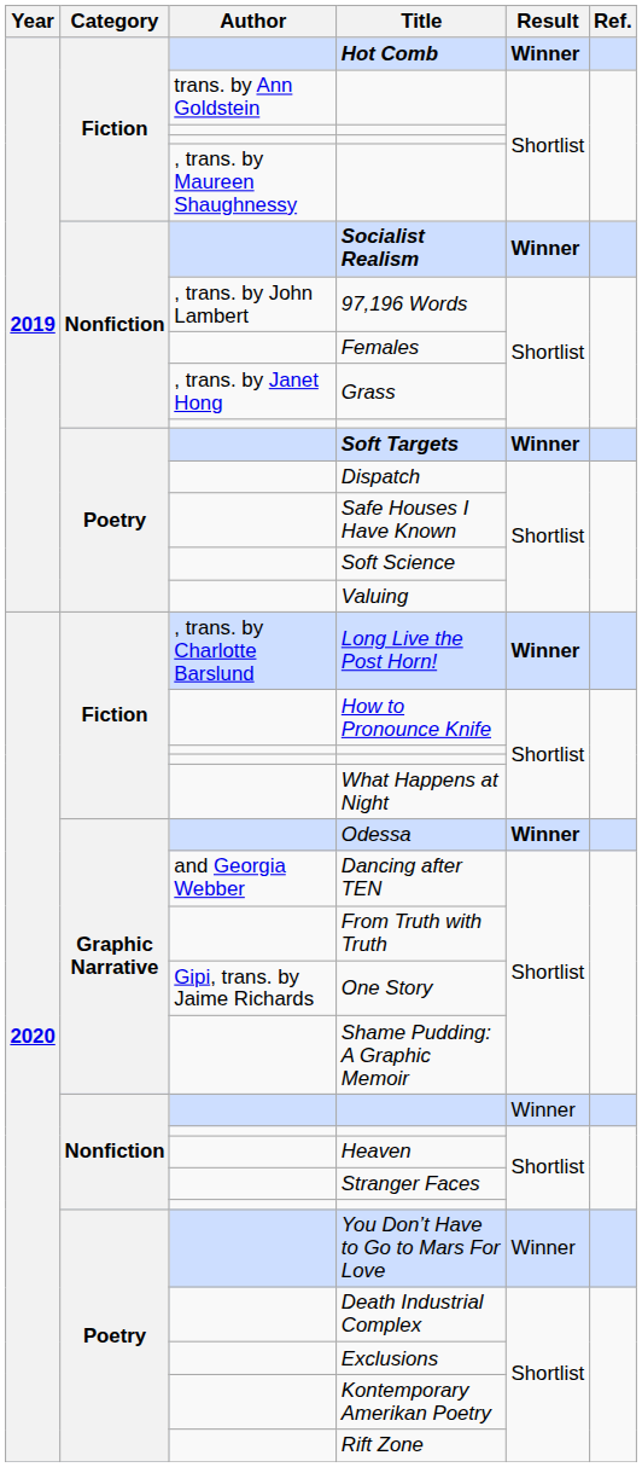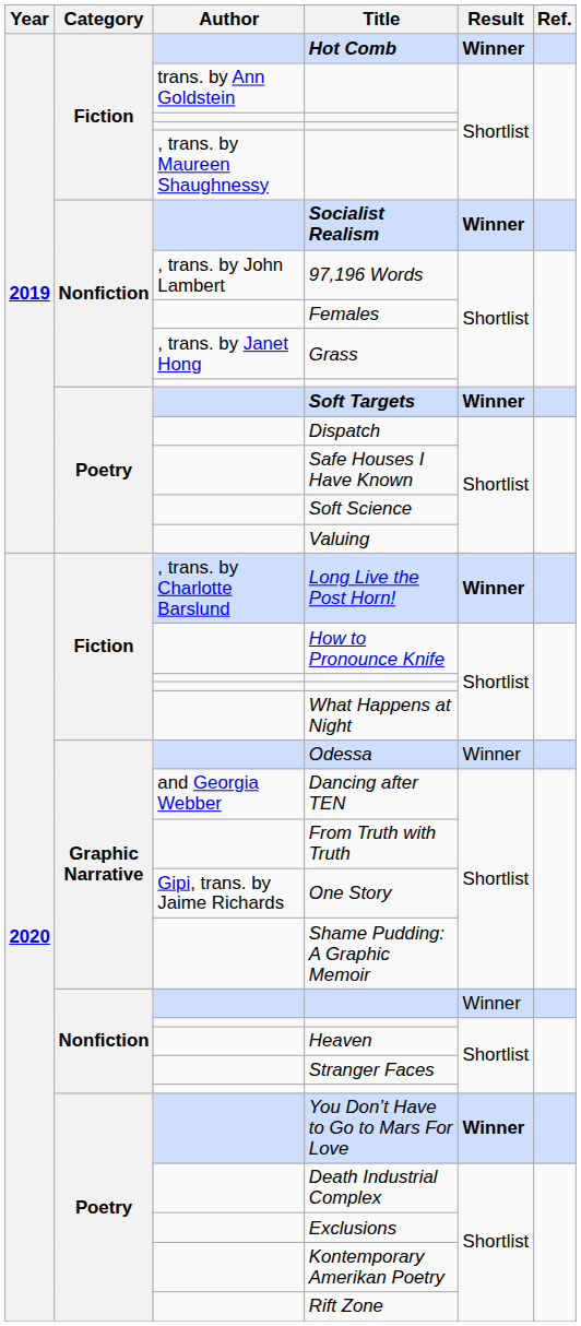 <table class="wikitable sortable mw-collapsible" width="80%">
 <tr>
 <th scope="col" width="5%">Year</th>
 <th scope="col" width="10%">Category</th>
 <th scope="col" width="35%">Author</th>
 <th scope="col" width="35%">Title</th>
 <th scope="col" width="10%">Result</th>
 <th scope="col" width="5%" class="unsortable">Ref.</th>
 </tr>
 <tr style="background:#cddeff">
 <th scope=row rowspan="15"><a href='#'>2019</a></th>
 <th scope=row rowspan="5">Fiction</th>
 <td><strong></strong></td>
 <td><strong><em>Hot Comb</em></strong></td>
 <td><strong>Winner</strong></td>
 <td></td>
 </tr>
 <tr>
 <td> trans. by <a href='#'>Ann Goldstein</a></td>
 <td><em></em></td>
 <td scope=row rowspan="4">Shortlist</td>
 <td scope=row rowspan="4"></td>
 </tr>
 <tr>
 <td></td>
 <td><em></em></td>
 </tr>
 <tr>
 <td></td>
 <td><em></em></td>
 </tr>
 <tr>
 <td>, trans. by <a href='#'>Maureen Shaughnessy</a></td>
 <td><em></em></td>
 </tr>
 <tr style="background:#cddeff">
 <th scope=row rowspan="5">Nonfiction</th>
 <td><strong></strong></td>
 <td><strong><em>Socialist Realism</em></strong></td>
 <td><strong>Winner</strong></td>
 <td></td>
 </tr>
 <tr>
 <td>, trans. by John Lambert</td>
 <td><em>97,196 Words</em></td>
 <td scope=row rowspan="4">Shortlist</td>
 <td scope=row rowspan="4"></td>
 </tr>
 <tr>
 <td></td>
 <td><em>Females</em></td>
 </tr>
 <tr>
 <td>, trans. by <a href='#'>Janet Hong</a></td>
 <td><em>Grass</em></td>
 </tr>
 <tr>
 <td></td>
 <td><em></em></td>
 </tr>
 <tr style="background:#cddeff">
 <th scope=row rowspan="5">Poetry</th>
 <td><strong></strong></td>
 <td><strong><em>Soft Targets</em></strong></td>
 <td><strong>Winner</strong></td>
 <td></td>
 </tr>
 <tr>
 <td></td>
 <td><em>Dispatch</em></td>
 <td scope=row rowspan="4">Shortlist</td>
 <td scope=row rowspan="4"></td>
 </tr>
 <tr>
 <td></td>
 <td><em>Safe Houses I Have Known</em></td>
 </tr>
 <tr>
 <td></td>
 <td><em>Soft Science</em></td>
 </tr>
 <tr>
 <td></td>
 <td><em>Valuing</em></td>
 </tr>
 <tr style="background:#cddeff">
 <th scope=row rowspan="20"><a href='#'>2020</a></th>
 <th scope=row rowspan="5">Fiction</th>
 <td>, trans. by <a href='#'>Charlotte Barslund</a></td>
 <td><em><a href='#'>Long Live the Post Horn!</a></em></td>
 <td><strong>Winner</strong></td>
 <td></td>
 </tr>
 <tr>
 <td></td>
 <td><em><a href='#'>How to Pronounce Knife</a></em></td>
 <td scope=row rowspan="4">Shortlist</td>
 <td scope=row rowspan="4"></td>
 </tr>
 <tr>
 <td></td>
 <td><em></em></td>
 </tr>
 <tr>
 <td></td>
 <td><em></em></td>
 </tr>
 <tr>
 <td></td>
 <td><em>What Happens at Night</em></td>
 </tr>
 <tr style="background:#cddeff">
 <th scope=row rowspan="5">Graphic Narrative</th>
 <td></td>
 <td><em>Odessa</em></td>
-<td><strong>Winner</strong></td>
+<td>Winner</td>
 <td></td>
 </tr>
 <tr>
 <td> and <a href='#'>Georgia Webber</a></td>
 <td><em>Dancing after TEN</em></td>
 <td scope=row rowspan="4">Shortlist</td>
 <td scope=row rowspan="4"></td>
 </tr>
 <tr>
 <td></td>
 <td><em>From Truth with Truth</em></td>
 </tr>
 <tr>
 <td><a href='#'>Gipi</a>, trans. by Jaime Richards</td>
 <td><em>One Story</em></td>
 </tr>
 <tr>
 <td></td>
 <td><em>Shame Pudding: A Graphic Memoir</em></td>
 </tr>
 <tr style="background:#cddeff">
 <th scope=row rowspan="5">Nonfiction</th>
 <td></td>
 <td><em></em></td>
 <td>Winner</td>
 <td></td>
 </tr>
 <tr>
 <td></td>
 <td><em></em></td>
 <td scope=row rowspan="4">Shortlist</td>
 <td scope=row rowspan="4"></td>
 </tr>
 <tr>
 <td></td>
 <td><em>Heaven</em></td>
 </tr>
 <tr>
 <td></td>
 <td><em>Stranger Faces</em></td>
 </tr>
 <tr>
 <td></td>
 <td><em></em></td>
 </tr>
 <tr style="background:#cddeff">
 <th scope=row rowspan="5">Poetry</th>
 <td></td>
 <td><em>You Don’t Have to Go to Mars For Love</em></td>
-<td>Winner</td>
+<td><strong>Winner</strong></td>
 <td></td>
 </tr>
 <tr>
 <td></td>
 <td><em>Death Industrial Complex</em></td>
 <td scope=row rowspan="4">Shortlist</td>
 <td scope=row rowspan="4"></td>
 </tr>
 <tr>
 <td></td>
 <td><em>Exclusions</em></td>
 </tr>
 <tr>
 <td></td>
 <td><em>Kontemporary Amerikan Poetry</em></td>
 </tr>
 <tr>
 <td></td>
 <td><em>Rift Zone</em></td>
 </tr>
 </table>
